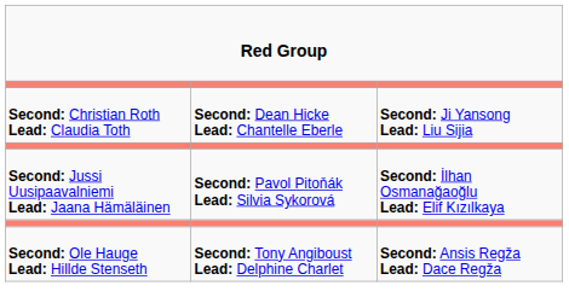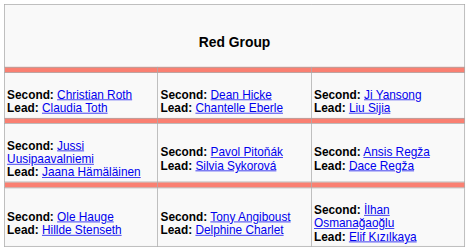 <table class="wikitable">
 <tr>
 <td align=center colspan="3"><br><h3>Red Group</h3></td>
 </tr>
 <tr>
 <th style="background: #FA8072;" width="200"></th>
 <th style="background: #FA8072;" width="200"></th>
 <th style="background: #FA8072;" width="200"></th>
 </tr>
 <tr>
 <td><br><strong>Second:</strong> <a href='#'>Christian Roth</a><br> <strong>Lead:</strong> <a href='#'>Claudia Toth</a></td>
 <td><br><strong>Second:</strong> <a href='#'>Dean Hicke</a> <br> <strong>Lead:</strong> <a href='#'>Chantelle Eberle</a></td>
 <td><br><strong>Second:</strong> <a href='#'>Ji Yansong</a><br> <strong>Lead:</strong> <a href='#'>Liu Sijia</a></td>
 </tr>
 <tr>
 <th style="background: #FA8072;" width="200"></th>
 <th style="background: #FA8072;" width="200"></th>
 <th style="background: #FA8072;" width="200"></th>
 </tr>
 <tr>
 <td><br><strong>Second:</strong> <a href='#'>Jussi Uusipaavalniemi</a><br> <strong>Lead:</strong> <a href='#'>Jaana Hämäläinen</a></td>
 <td><br><strong>Second:</strong> <a href='#'>Pavol Pitoňák</a><br> <strong>Lead:</strong> <a href='#'>Silvia Sykorová</a></td>
-<td><br><strong>Second:</strong> <a href='#'>İlhan Osmanağaoğlu</a><br> <strong>Lead:</strong> <a href='#'>Elif Kızılkaya</a></td>
+<td><br><strong>Second:</strong> <a href='#'>Ansis Regža</a><br> <strong>Lead:</strong> <a href='#'>Dace Regža</a></td>
 </tr>
 <tr>
 <th style="background: #FA8072;" width="200"></th>
 <th style="background: #FA8072;" width="200"></th>
 <th style="background: #FA8072;" width="200"></th>
 </tr>
 <tr>
 <td><br><strong>Second:</strong> <a href='#'>Ole Hauge</a><br> <strong>Lead:</strong> <a href='#'>Hillde Stenseth</a></td>
 <td><br><strong>Second:</strong> <a href='#'>Tony Angiboust</a><br> <strong>Lead:</strong> <a href='#'>Delphine Charlet</a></td>
-<td><br><strong>Second:</strong> <a href='#'>Ansis Regža</a><br> <strong>Lead:</strong> <a href='#'>Dace Regža</a></td>
+<td><br><strong>Second:</strong> <a href='#'>İlhan Osmanağaoğlu</a><br> <strong>Lead:</strong> <a href='#'>Elif Kızılkaya</a></td>
 </tr>
 </table>
